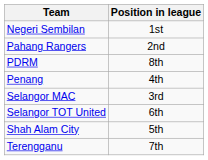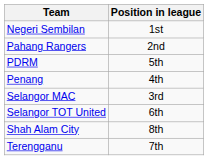 <table class="wikitable">
 <tr>
 <th>Team</th>
 <th>Position in league</th>
 </tr>
 <tr>
 <td><a href='#'>Negeri Sembilan</a></td>
 <td align='center'>1st</td>
 </tr>
 <tr>
 <td><a href='#'>Pahang Rangers</a></td>
 <td align='center'>2nd</td>
 </tr>
 <tr>
 <td><a href='#'>PDRM</a></td>
-<td align='center'>8th</td>
+<td align='center'>5th</td>
 </tr>
 <tr>
 <td><a href='#'>Penang</a></td>
 <td align='center'>4th</td>
 </tr>
 <tr>
 <td><a href='#'>Selangor MAC</a></td>
 <td align='center'>3rd</td>
 </tr>
 <tr>
 <td><a href='#'>Selangor TOT United</a></td>
 <td align='center'>6th</td>
 </tr>
 <tr>
 <td><a href='#'>Shah Alam City</a></td>
-<td align='center'>5th</td>
+<td align='center'>8th</td>
 </tr>
 <tr>
 <td><a href='#'>Terengganu</a></td>
 <td align='center'>7th</td>
 </tr>
 </table>
